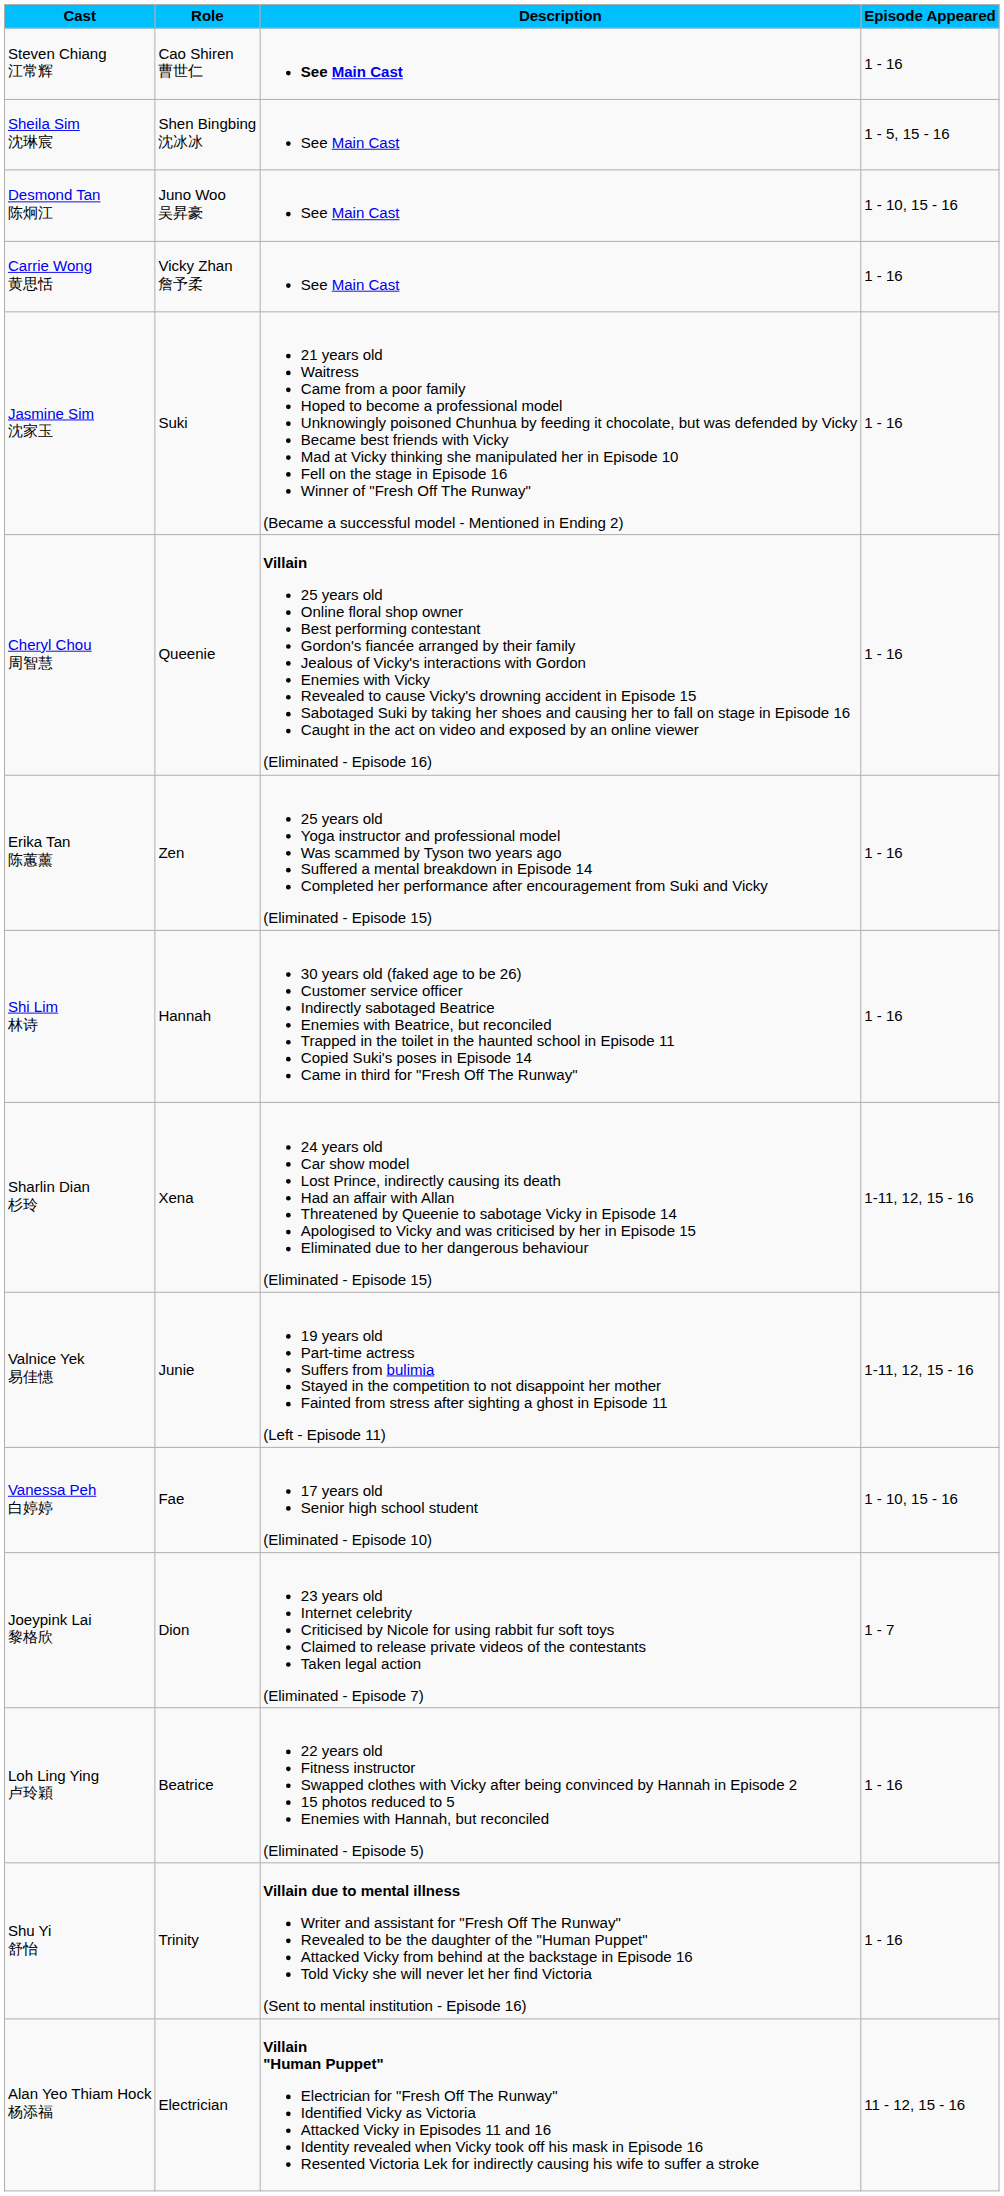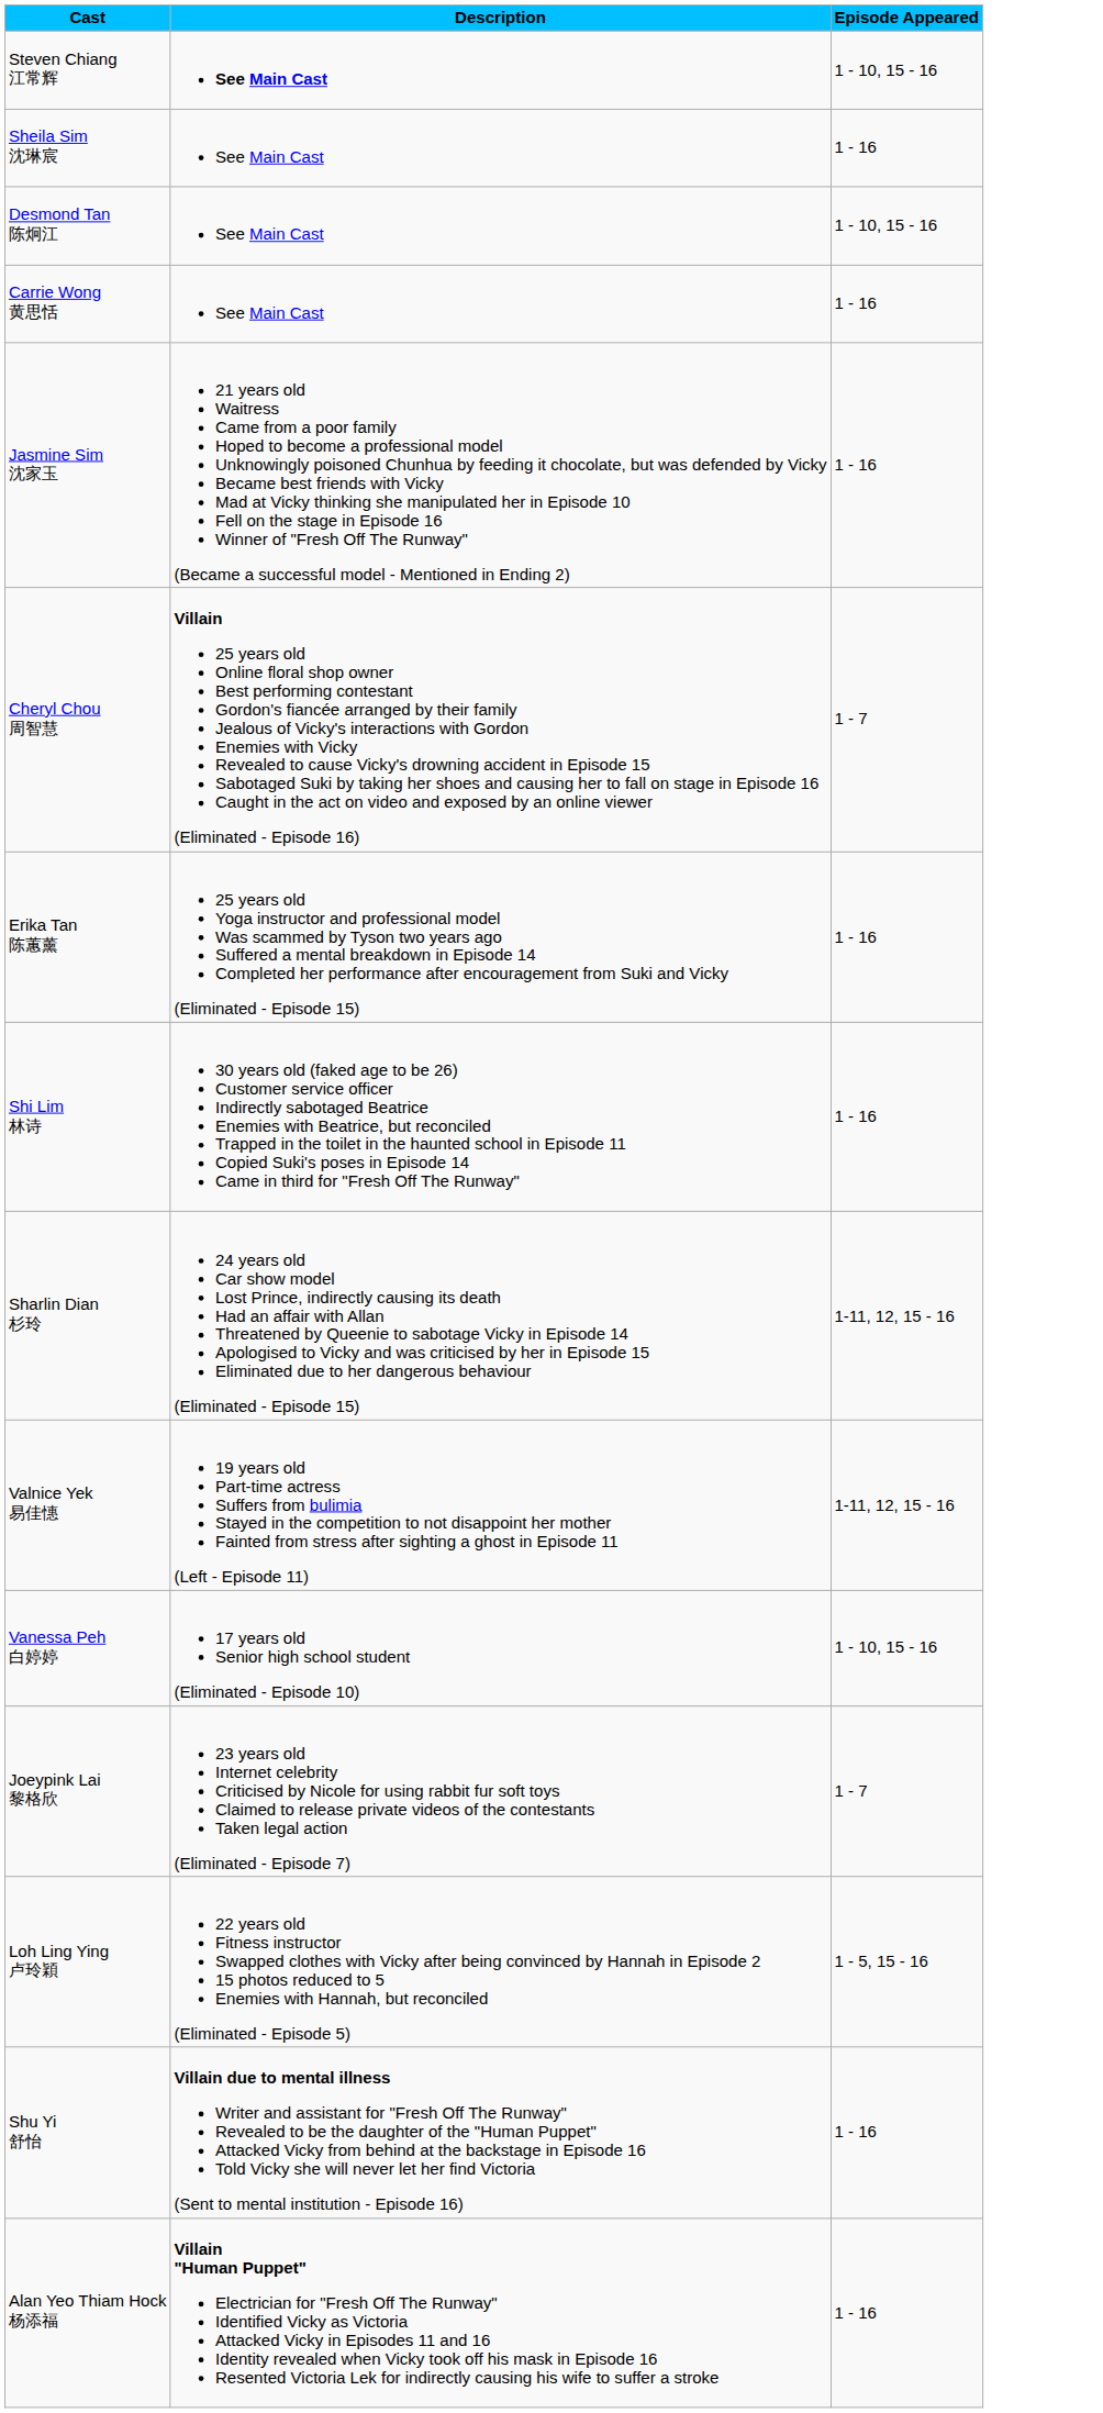 <table class="wikitable">
 <tr>
 <th style="background:#00BFFF;">Cast</th>
-<th style="background:#00BFFF;">Role</th>
 <th style="background:#00BFFF;">Description</th>
 <th style="background:#00BFFF;">Episode Appeared</th>
 </tr>
 <tr>
 <td>Steven Chiang <br> 江常辉</td>
-<td>Cao Shiren <br> 曹世仁</td>
 <td><strong><br><ul><li>See <a href='#'>Main Cast</a></li></ul></strong></td>
+<td>1 - 10, 15 - 16</td>
+</tr>
+<tr>
+<td><a href='#'>Sheila Sim</a> <br> 沈琳宸</td>
+<td><br><ul><li>See <a href='#'>Main Cast</a></li></ul></td>
 <td>1 - 16</td>
 </tr>
 <tr>
-<td><a href='#'>Sheila Sim</a> <br> 沈琳宸</td>
-<td>Shen Bingbing <br> 沈冰冰</td>
-<td><br><ul><li>See <a href='#'>Main Cast</a></li></ul></td>
-<td>1 - 5, 15 - 16</td>
-</tr>
-<tr>
 <td><a href='#'>Desmond Tan</a> <br> 陈炯江</td>
-<td>Juno Woo <br> 吴昇豪</td>
 <td><br><ul><li>See <a href='#'>Main Cast</a></li></ul></td>
 <td>1 - 10, 15 - 16</td>
 </tr>
 <tr>
 <td><a href='#'>Carrie Wong</a> <br> 黄思恬</td>
-<td>Vicky Zhan <br> 詹予柔</td>
 <td><br><ul><li>See <a href='#'>Main Cast</a></li></ul></td>
 <td>1 - 16</td>
 </tr>
 <tr>
 <td><a href='#'>Jasmine Sim</a> <br> 沈家玉</td>
-<td>Suki</td>
 <td><br><ul><li>21 years old</li><li>Waitress</li><li>Came from a poor family</li><li>Hoped to become a professional model</li><li>Unknowingly poisoned Chunhua by feeding it chocolate, but was defended by Vicky</li><li>Became best friends with Vicky</li><li>Mad at Vicky thinking she manipulated her in Episode 10</li><li>Fell on the stage in Episode 16</li><li>Winner of "Fresh Off The Runway"</li></ul>(Became a successful model - Mentioned in Ending 2)</td>
 <td>1 - 16</td>
 </tr>
 <tr>
 <td><a href='#'>Cheryl Chou</a> <br> 周智慧</td>
-<td>Queenie</td>
 <td><br><strong>Villain</strong><ul><li>25 years old</li><li>Online floral shop owner</li><li>Best performing contestant</li><li>Gordon's fiancée arranged by their family</li><li>Jealous of Vicky's interactions with Gordon</li><li>Enemies with Vicky</li><li>Revealed to cause Vicky's drowning accident in Episode 15</li><li>Sabotaged Suki by taking her shoes and causing her to fall on stage in Episode 16</li><li>Caught in the act on video and exposed by an online viewer</li></ul>(Eliminated - Episode 16)</td>
-<td>1 - 16</td>
+<td>1 - 7</td>
 </tr>
 <tr>
 <td>Erika Tan <br> 陈蕙薰</td>
-<td>Zen</td>
 <td><br><ul><li>25 years old</li><li>Yoga instructor and professional model</li><li>Was scammed by Tyson two years ago</li><li>Suffered a mental breakdown in Episode 14</li><li>Completed her performance after encouragement from Suki and Vicky</li></ul>(Eliminated - Episode 15)</td>
 <td>1 - 16</td>
 </tr>
 <tr>
 <td><a href='#'>Shi Lim</a> <br> 林诗</td>
-<td>Hannah</td>
 <td><br><ul><li>30 years old (faked age to be 26)</li><li>Customer service officer</li><li>Indirectly sabotaged Beatrice</li><li>Enemies with Beatrice, but reconciled</li><li>Trapped in the toilet in the haunted school in Episode 11</li><li>Copied Suki's poses in Episode 14</li><li>Came in third for "Fresh Off The Runway"</li></ul></td>
 <td>1 - 16</td>
 </tr>
 <tr>
 <td>Sharlin Dian <br> 杉玲</td>
-<td>Xena</td>
 <td><br><ul><li>24 years old</li><li>Car show model</li><li>Lost Prince, indirectly causing its death</li><li>Had an affair with Allan</li><li>Threatened by Queenie to sabotage Vicky in Episode 14</li><li>Apologised to Vicky and was criticised by her in Episode 15</li><li>Eliminated due to her dangerous behaviour</li></ul>(Eliminated - Episode 15)</td>
 <td>1-11, 12, 15 - 16</td>
 </tr>
 <tr>
 <td>Valnice Yek <br> 易佳憓</td>
-<td>Junie</td>
 <td><br><ul><li>19 years old</li><li>Part-time actress</li><li>Suffers from <a href='#'>bulimia</a></li><li>Stayed in the competition to not disappoint her mother</li><li>Fainted from stress after sighting a ghost in Episode 11</li></ul>(Left - Episode 11)</td>
 <td>1-11, 12, 15 - 16</td>
 </tr>
 <tr>
 <td><a href='#'>Vanessa Peh</a> <br> 白婷婷</td>
-<td>Fae</td>
 <td><br><ul><li>17 years old</li><li>Senior high school student</li></ul>(Eliminated - Episode 10)</td>
 <td>1 - 10, 15 - 16</td>
 </tr>
 <tr>
 <td>Joeypink Lai <br> 黎格欣</td>
-<td>Dion</td>
 <td><br><ul><li>23 years old</li><li>Internet celebrity</li><li>Criticised by Nicole for using rabbit fur soft toys</li><li>Claimed to release private videos of the contestants</li><li>Taken legal action</li></ul>(Eliminated - Episode 7)</td>
 <td>1 - 7</td>
 </tr>
 <tr>
 <td>Loh Ling Ying <br> 卢玲穎</td>
-<td>Beatrice</td>
 <td><br><ul><li>22 years old</li><li>Fitness instructor</li><li>Swapped clothes with Vicky after being convinced by Hannah in Episode 2</li><li>15 photos reduced to 5</li><li>Enemies with Hannah, but reconciled</li></ul>(Eliminated - Episode 5)</td>
-<td>1 - 16</td>
+<td>1 - 5, 15 - 16</td>
 </tr>
 <tr>
 <td>Shu Yi <br> 舒怡</td>
-<td>Trinity</td>
 <td><br><strong>Villain due to mental illness</strong><ul><li>Writer and assistant for "Fresh Off The Runway"</li><li>Revealed to be the daughter of the "Human Puppet"</li><li>Attacked Vicky from behind at the backstage in Episode 16</li><li>Told Vicky she will never let her find Victoria</li></ul>(Sent to mental institution - Episode 16)</td>
 <td>1 - 16</td>
 </tr>
 <tr>
 <td>Alan Yeo Thiam Hock <br> 杨添福</td>
-<td>Electrician</td>
 <td><br><strong>Villain</strong> <br> <strong>"Human Puppet"</strong><ul><li>Electrician for "Fresh Off The Runway"</li><li>Identified Vicky as Victoria</li><li>Attacked Vicky in Episodes 11 and 16</li><li>Identity revealed when Vicky took off his mask in Episode 16</li><li>Resented Victoria Lek for indirectly causing his wife to suffer a stroke</li></ul></td>
-<td>11 - 12, 15 - 16</td>
+<td>1 - 16</td>
 </tr>
 </table>
